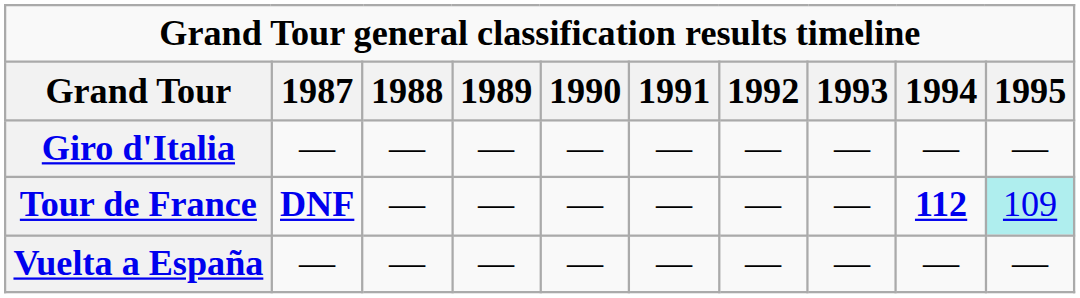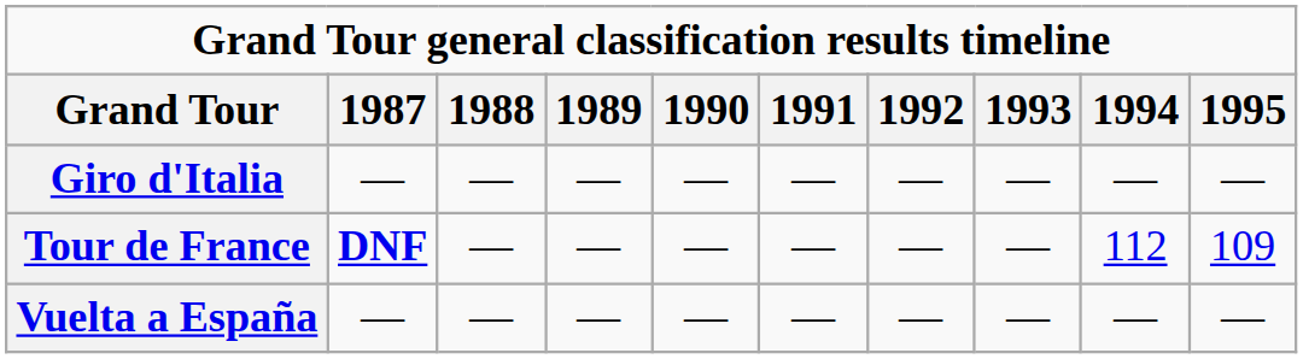 <table class="wikitable plainrowheaders">
 <tr>
 <td colspan=19 align="center"><strong>Grand Tour general classification results timeline</strong></td>
 </tr>
 <tr>
 <th scope="col">Grand Tour</th>
 <th scope="col">1987</th>
 <th scope="col">1988</th>
 <th scope="col">1989</th>
 <th scope="col">1990</th>
 <th scope="col">1991</th>
 <th scope="col">1992</th>
 <th scope="col">1993</th>
 <th scope="col">1994</th>
 <th scope="col">1995</th>
 </tr>
 <tr style="text-align:center;">
 <th scope="row"> <a href='#'>Giro d'Italia</a></th>
 <td>—</td>
 <td>—</td>
 <td>—</td>
 <td>—</td>
 <td>—</td>
 <td>—</td>
 <td>—</td>
 <td>—</td>
 <td>—</td>
 </tr>
 <tr style="text-align:center;">
 <th scope="row"> <a href='#'>Tour de France</a></th>
 <td><strong><a href='#'>DNF</a></strong></td>
 <td>—</td>
 <td>—</td>
 <td>—</td>
 <td>—</td>
 <td>—</td>
 <td>—</td>
-<td><strong><a href='#'>112</a></strong></td>
-<td style="background: paleturquoise;"><a href='#'>109</a></td>
+<td><a href='#'>112</a></td>
+<td><a href='#'>109</a></td>
 </tr>
 <tr style="text-align:center;">
 <th scope="row"> <a href='#'>Vuelta a España</a></th>
 <td>—</td>
 <td>—</td>
 <td>—</td>
 <td>—</td>
 <td>—</td>
 <td>—</td>
 <td>—</td>
 <td>—</td>
 <td>—</td>
 </tr>
 </table>
